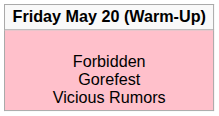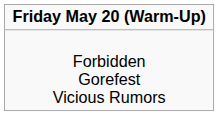 <table class="wikitable">
 <tr>
 <td colspan="3" align="center"><strong>Friday May 20 (Warm-Up)</strong></td>
 </tr>
 <tr>
-<td valign="top" align="center" width=200 style="background: pink;"><br>Forbidden <br>Gorefest <br>Vicious Rumors</td>
+<td valign="top" align="center" width=200><br>Forbidden <br>Gorefest <br>Vicious Rumors</td>
 </tr>
 </table>
